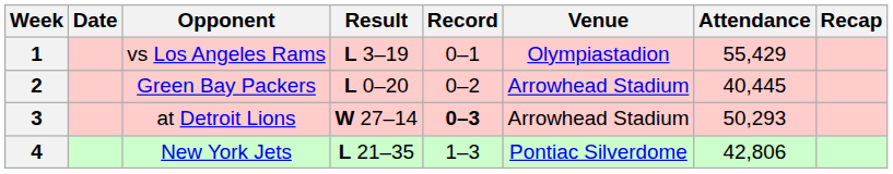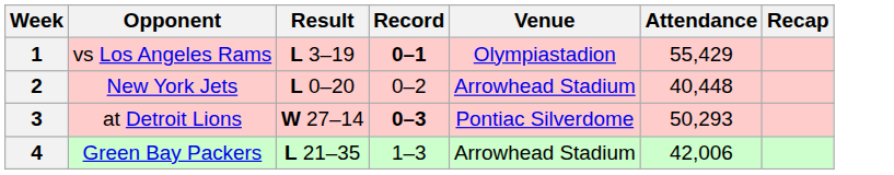 <table class="wikitable" style="text-align:center">
 <tr>
 <th>Week</th>
-<th>Date</th>
 <th>Opponent</th>
 <th>Result</th>
 <th>Record</th>
 <th>Venue</th>
 <th>Attendance</th>
 <th>Recap</th>
 </tr>
 <tr style="background:#fcc">
 <th>1</th>
-<td></td>
 <td>vs <a href='#'>Los Angeles Rams</a></td>
 <td><strong>L</strong> 3–19</td>
-<td>0–1</td>
+<td><strong>0–1</strong></td>
 <td> <a href='#'>Olympiastadion</a> </td>
 <td>55,429</td>
 <td></td>
 </tr>
 <tr style="background:#fcc">
 <th>2</th>
-<td></td>
-<td><a href='#'>Green Bay Packers</a></td>
+<td><a href='#'>New York Jets</a></td>
 <td><strong>L</strong> 0–20</td>
 <td>0–2</td>
 <td><a href='#'>Arrowhead Stadium</a></td>
-<td>40,445</td>
+<td>40,448</td>
 <td></td>
 </tr>
 <tr style="background:#fcc">
 <th>3</th>
-<td></td>
 <td>at <a href='#'>Detroit Lions</a></td>
 <td><strong>W</strong> 27–14</td>
 <td><strong>0–3</strong></td>
-<td>Arrowhead Stadium</td>
+<td><a href='#'>Pontiac Silverdome</a></td>
 <td>50,293</td>
 <td></td>
 </tr>
 <tr style="background:#cfc">
 <th>4</th>
-<td></td>
-<td><a href='#'>New York Jets</a></td>
+<td><a href='#'>Green Bay Packers</a></td>
 <td><strong>L</strong>  21–35</td>
 <td>1–3</td>
-<td><a href='#'>Pontiac Silverdome</a></td>
-<td>42,806</td>
+<td>Arrowhead Stadium</td>
+<td>42,006</td>
 <td></td>
 </tr>
 </table>
